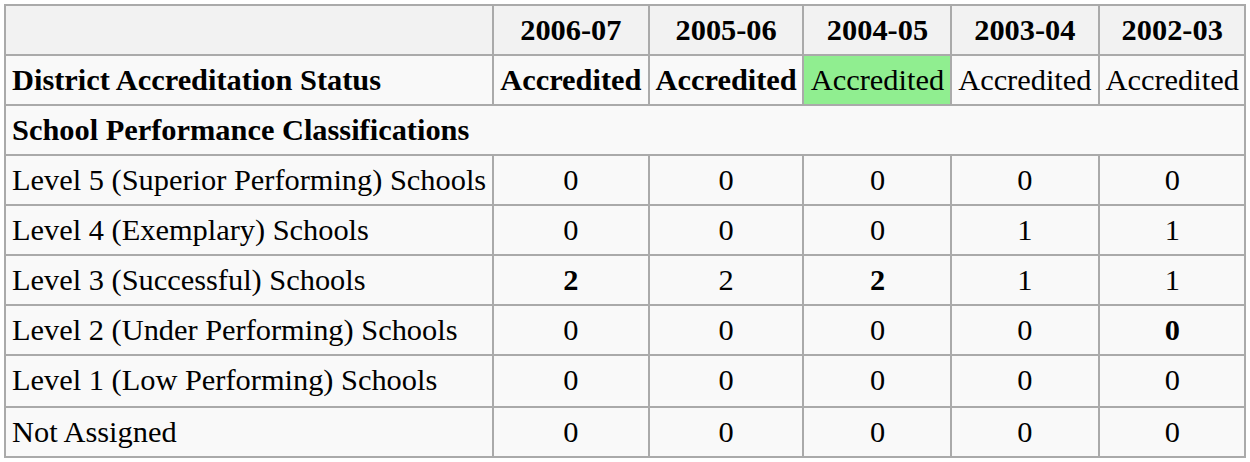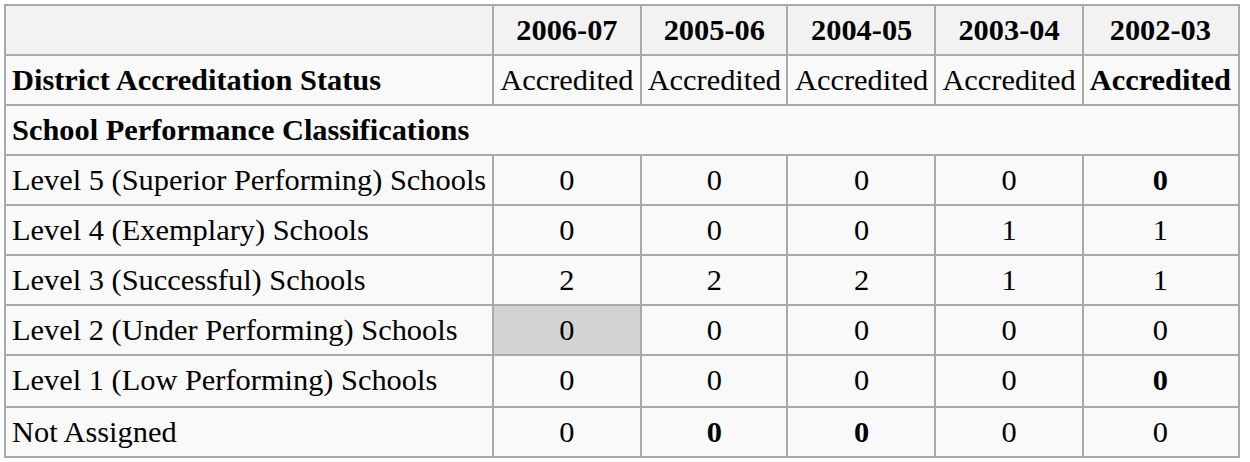 <table class="wikitable" style="font-size: 95%;">
 <tr>
 <th></th>
 <th>2006-07</th>
 <th>2005-06</th>
 <th>2004-05</th>
 <th>2003-04</th>
 <th>2002-03</th>
 </tr>
 <tr>
 <td align="left"><strong>District Accreditation Status</strong></td>
-<td align="center"><strong>Accredited</strong></td>
-<td align="center"><strong>Accredited</strong></td>
-<td align="center" style="background: lightgreen;">Accredited</td>
 <td align="center">Accredited</td>
 <td align="center">Accredited</td>
+<td align="center">Accredited</td>
+<td align="center">Accredited</td>
+<td align="center"><strong>Accredited</strong></td>
 </tr>
 <tr>
 <td align="left" colspan="6"><strong>School Performance Classifications</strong></td>
 </tr>
 <tr>
 <td align="left">Level 5 (Superior Performing) Schools</td>
 <td align="center">0</td>
 <td align="center">0</td>
 <td align="center">0</td>
 <td align="center">0</td>
-<td align="center">0</td>
+<td align="center"><strong>0</strong></td>
 </tr>
 <tr>
 <td align="left">Level 4 (Exemplary) Schools</td>
 <td align="center">0</td>
 <td align="center">0</td>
 <td align="center">0</td>
 <td align="center">1</td>
 <td align="center">1</td>
 </tr>
 <tr>
 <td align="left">Level 3 (Successful) Schools</td>
-<td align="center"><strong>2</strong></td>
 <td align="center">2</td>
-<td align="center"><strong>2</strong></td>
+<td align="center">2</td>
+<td align="center">2</td>
 <td align="center">1</td>
 <td align="center">1</td>
 </tr>
 <tr>
 <td align="left">Level 2 (Under Performing) Schools</td>
+<td align="center" style="background: lightgrey;">0</td>
+<td align="center">0</td>
+<td align="center">0</td>
+<td align="center">0</td>
+<td align="center">0</td>
+</tr>
+<tr>
+<td align="left">Level 1 (Low Performing) Schools</td>
 <td align="center">0</td>
 <td align="center">0</td>
 <td align="center">0</td>
 <td align="center">0</td>
 <td align="center"><strong>0</strong></td>
 </tr>
 <tr>
-<td align="left">Level 1 (Low Performing) Schools</td>
-<td align="center">0</td>
-<td align="center">0</td>
-<td align="center">0</td>
-<td align="center">0</td>
-<td align="center">0</td>
-</tr>
-<tr>
 <td align="left">Not Assigned</td>
 <td align="center">0</td>
-<td align="center">0</td>
-<td align="center">0</td>
+<td align="center"><strong>0</strong></td>
+<td align="center"><strong>0</strong></td>
 <td align="center">0</td>
 <td align="center">0</td>
 </tr>
 <tr>
 </tr>
 </table>
